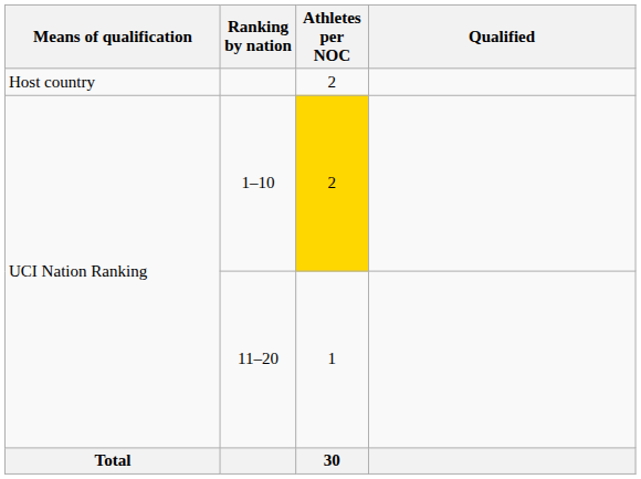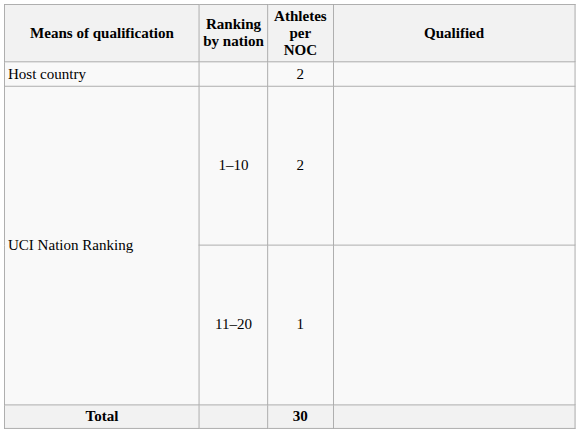 <table class="wikitable"  style="text-align:center;">
 <tr>
 <th width="200">Means of qualification</th>
 <th>Ranking by nation</th>
 <th>Athletes per NOC</th>
 <th width="250">Qualified</th>
 </tr>
 <tr>
 <td style="text-align:left;">Host country</td>
 <td></td>
 <td>2</td>
 <td align="left"></td>
 </tr>
 <tr>
 <td style="text-align:left;" rowspan="2">UCI Nation Ranking</td>
 <td>1–10</td>
-<td style="background: gold;">2</td>
+<td>2</td>
 <td align="left"><br><br><br><br><br><br><br><br><br></td>
 </tr>
 <tr>
 <td>11–20</td>
 <td>1</td>
 <td align="left"><br><br><br><br><br><br><br><br><br></td>
 </tr>
 <tr>
 <th>Total</th>
 <th></th>
 <th>30</th>
 <th></th>
 </tr>
 </table>
